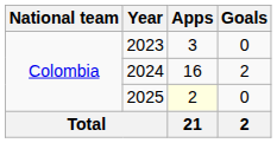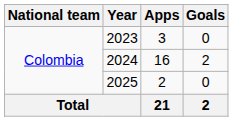 <table class="wikitable" style="text-align:center">
 <tr>
 <th>National team</th>
 <th>Year</th>
 <th>Apps</th>
 <th>Goals</th>
 </tr>
 <tr>
 <td rowspan="3"><a href='#'>Colombia</a></td>
 <td>2023</td>
 <td>3</td>
 <td>0</td>
 </tr>
 <tr>
 <td>2024</td>
 <td>16</td>
 <td>2</td>
 </tr>
 <tr>
 <td>2025</td>
-<td style="background: lightyellow;">2</td>
+<td>2</td>
 <td>0</td>
 </tr>
 <tr>
 <th colspan="2">Total</th>
 <th>21</th>
 <th>2</th>
 </tr>
 </table>
